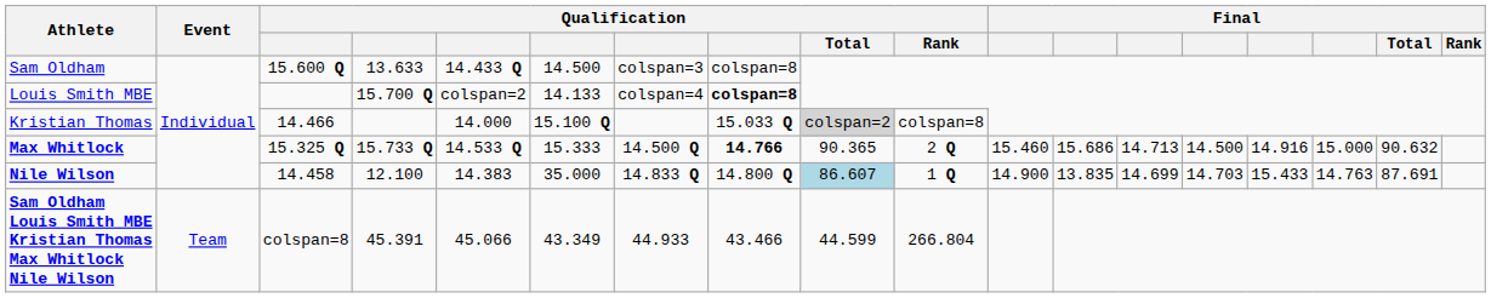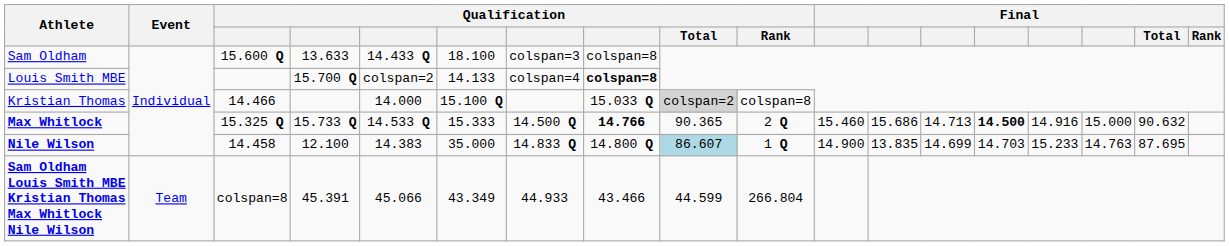 <table class="wikitable" style="font-size:90%">
 <tr>
 <th rowspan=2>Athlete</th>
 <th rowspan=2>Event</th>
 <th colspan =8>Qualification</th>
 <th colspan =8>Final</th>
 </tr>
 <tr style="font-size:95%">
 <th></th>
 <th></th>
 <th></th>
 <th></th>
 <th></th>
 <th></th>
 <th>Total</th>
 <th>Rank</th>
 <th></th>
 <th></th>
 <th></th>
 <th></th>
 <th></th>
 <th></th>
 <th>Total</th>
 <th>Rank</th>
 </tr>
 <tr align=center>
 <td align=left><a href='#'>Sam Oldham</a></td>
 <td style="text-align:left;" rowspan="5"><a href='#'>Individual</a></td>
 <td>15.600 <strong>Q</strong></td>
 <td>13.633</td>
 <td>14.433 <strong>Q</strong></td>
-<td>14.500</td>
+<td>18.100</td>
 <td>colspan=3 </td>
 <td>colspan=8 </td>
 </tr>
 <tr align=center>
 <td align=left><a href='#'>Louis Smith MBE</a></td>
 <td></td>
 <td>15.700 <strong>Q</strong></td>
 <td>colspan=2 </td>
 <td>14.133</td>
 <td>colspan=4 </td>
 <td><strong>colspan=8 </strong></td>
 </tr>
 <tr align=center>
 <td align=left><a href='#'>Kristian Thomas</a></td>
 <td>14.466</td>
 <td></td>
 <td>14.000</td>
 <td>15.100 <strong>Q</strong></td>
 <td></td>
 <td>15.033 <strong>Q</strong></td>
 <td style="background: lightgrey;">colspan=2 </td>
 <td>colspan=8 </td>
 </tr>
 <tr align=center>
 <td align=left><strong><a href='#'>Max Whitlock</a></strong></td>
 <td>15.325 <strong>Q</strong></td>
 <td>15.733 <strong>Q</strong></td>
 <td>14.533 <strong>Q</strong></td>
 <td>15.333</td>
 <td>14.500 <strong>Q</strong></td>
 <td><strong>14.766</strong></td>
 <td>90.365</td>
 <td>2 <strong>Q</strong></td>
 <td>15.460</td>
 <td>15.686</td>
 <td>14.713</td>
-<td>14.500</td>
+<td><strong>14.500</strong></td>
 <td>14.916</td>
 <td>15.000</td>
 <td>90.632</td>
 <td></td>
 </tr>
 <tr align=center>
 <td align=left><strong><a href='#'>Nile Wilson</a></strong></td>
 <td>14.458</td>
 <td>12.100</td>
 <td>14.383</td>
 <td>35.000</td>
 <td>14.833 <strong>Q</strong></td>
 <td>14.800 <strong>Q</strong></td>
 <td style="background: lightblue;">86.607</td>
 <td>1 <strong>Q</strong></td>
 <td>14.900</td>
 <td>13.835</td>
 <td>14.699</td>
 <td>14.703</td>
-<td>15.433</td>
+<td>15.233</td>
 <td>14.763</td>
-<td>87.691</td>
+<td>87.695</td>
 <td></td>
 </tr>
 <tr align=center>
 <td align=left><strong><a href='#'>Sam Oldham</a><br><a href='#'>Louis Smith MBE</a><br><a href='#'>Kristian Thomas</a><br><a href='#'>Max Whitlock</a><br><a href='#'>Nile Wilson</a></strong></td>
 <td><a href='#'>Team</a></td>
 <td>colspan=8 </td>
 <td>45.391</td>
 <td>45.066</td>
 <td>43.349</td>
 <td>44.933</td>
 <td>43.466</td>
 <td>44.599</td>
 <td>266.804</td>
 <td></td>
 </tr>
 </table>
